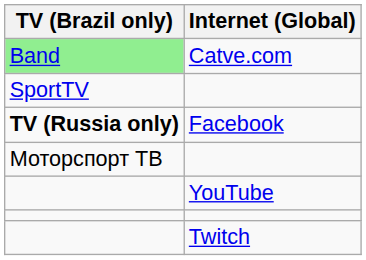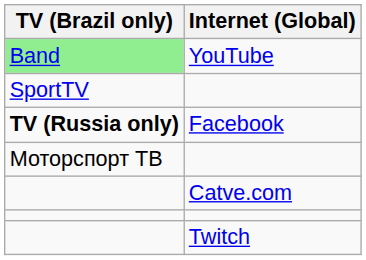 <table class="wikitable">
 <tr>
 <th>TV (Brazil only)</th>
 <th>Internet (Global)</th>
 </tr>
 <tr>
 <td style="background: lightgreen;"><a href='#'>Band</a></td>
-<td><a href='#'>Catve.com</a></td>
+<td><a href='#'>YouTube</a></td>
 </tr>
 <tr>
 <td><a href='#'>SportTV</a></td>
 <td></td>
 </tr>
 <tr>
 <td><strong>TV (Russia only)</strong></td>
 <td><a href='#'>Facebook</a></td>
 </tr>
 <tr>
 <td>Моторспорт ТВ</td>
 <td></td>
 </tr>
 <tr>
 <td></td>
-<td><a href='#'>YouTube</a></td>
+<td><a href='#'>Catve.com</a></td>
 </tr>
 <tr>
 <td></td>
 <td></td>
 </tr>
 <tr>
 <td></td>
 <td><a href='#'>Twitch</a></td>
 </tr>
 </table>
